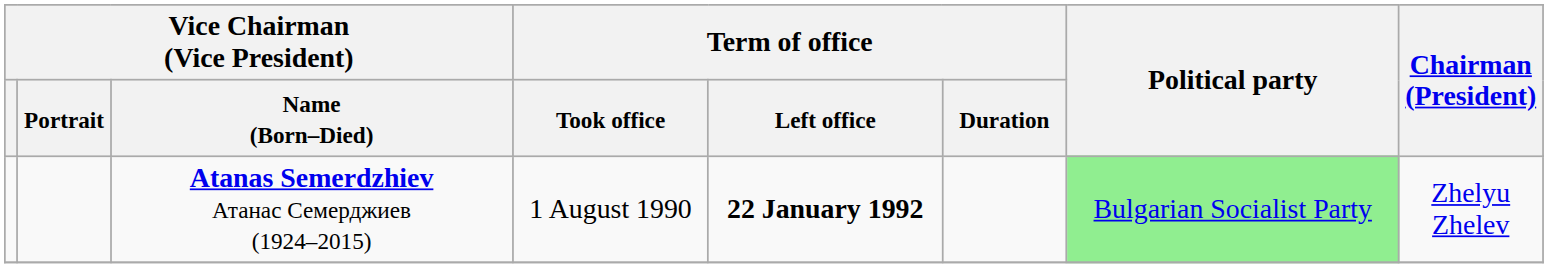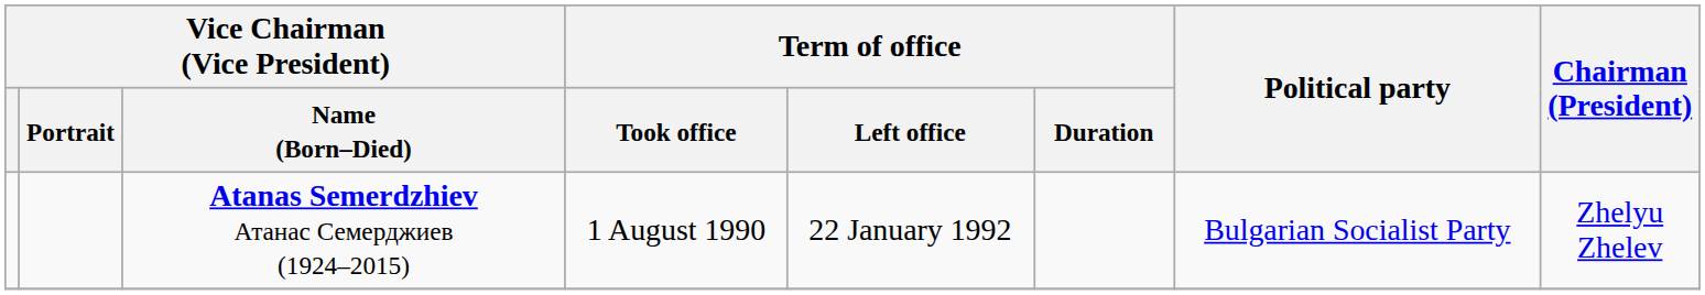 <table class="wikitable" style="text-align:center; width:70%">
 <tr>
 <th width=35% colspan=3>Vice Chairman<br>(Vice President)</th>
 <th width=40% colspan=3>Term of office</th>
 <th width=25% rowspan=2>Political party</th>
 <th width=25% rowspan=2><a href='#'>Chairman<br>(President)</a></th>
 </tr>
 <tr>
 <th></th>
 <th><small>Portrait</small></th>
 <th width=30%><small>Name<br>(Born–Died)</small></th>
 <th><small>Took office</small></th>
 <th><small>Left office</small></th>
 <th><small>Duration</small></th>
 </tr>
 <tr>
 <td style="background:"></td>
 <td></td>
 <td><strong><a href='#'>Atanas Semerdzhiev</a></strong><br><small>Атанас Семерджиев<br>(1924–2015)</small></td>
 <td>1 August 1990</td>
-<td><strong>22 January 1992</strong></td>
+<td>22 January 1992</td>
 <td></td>
-<td style="background: lightgreen;"><a href='#'>Bulgarian Socialist Party</a></td>
+<td><a href='#'>Bulgarian Socialist Party</a></td>
 <td><a href='#'>Zhelyu Zhelev</a></td>
 </tr>
 <tr>
 </tr>
 </table>
